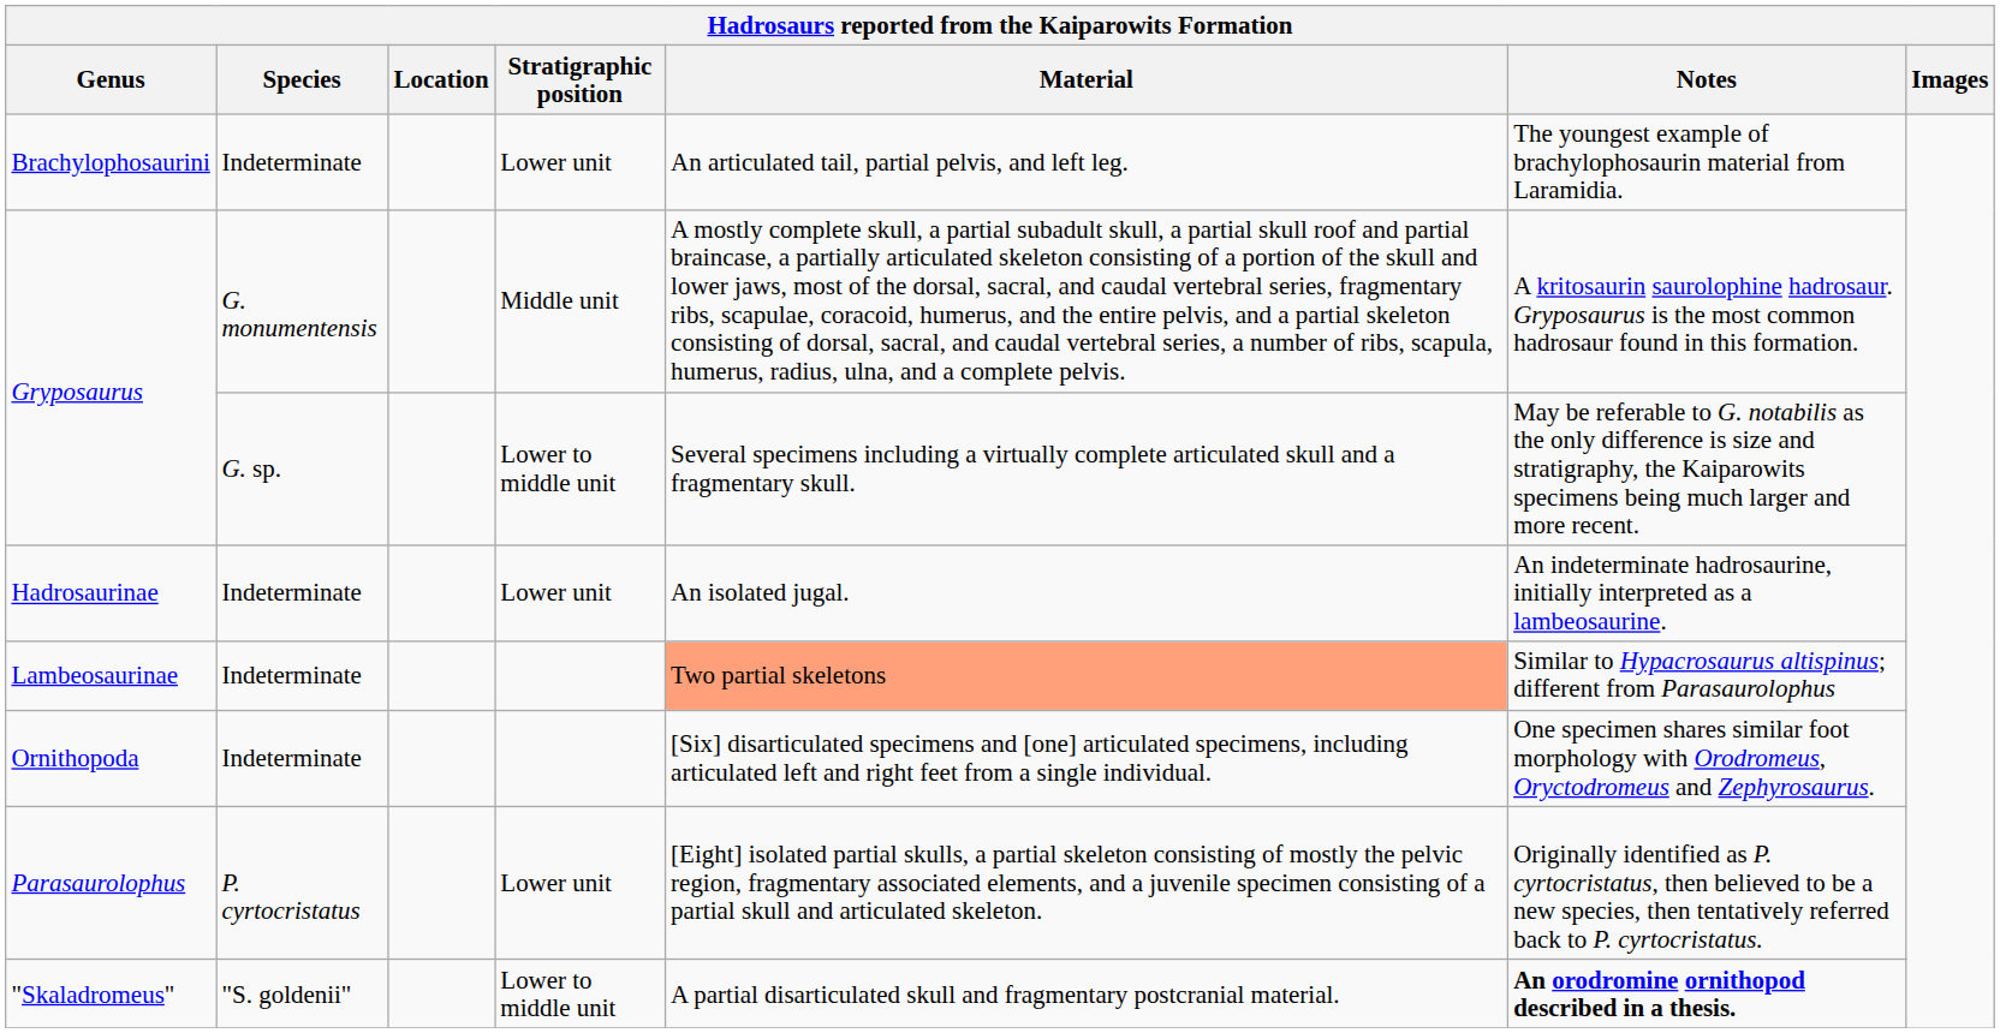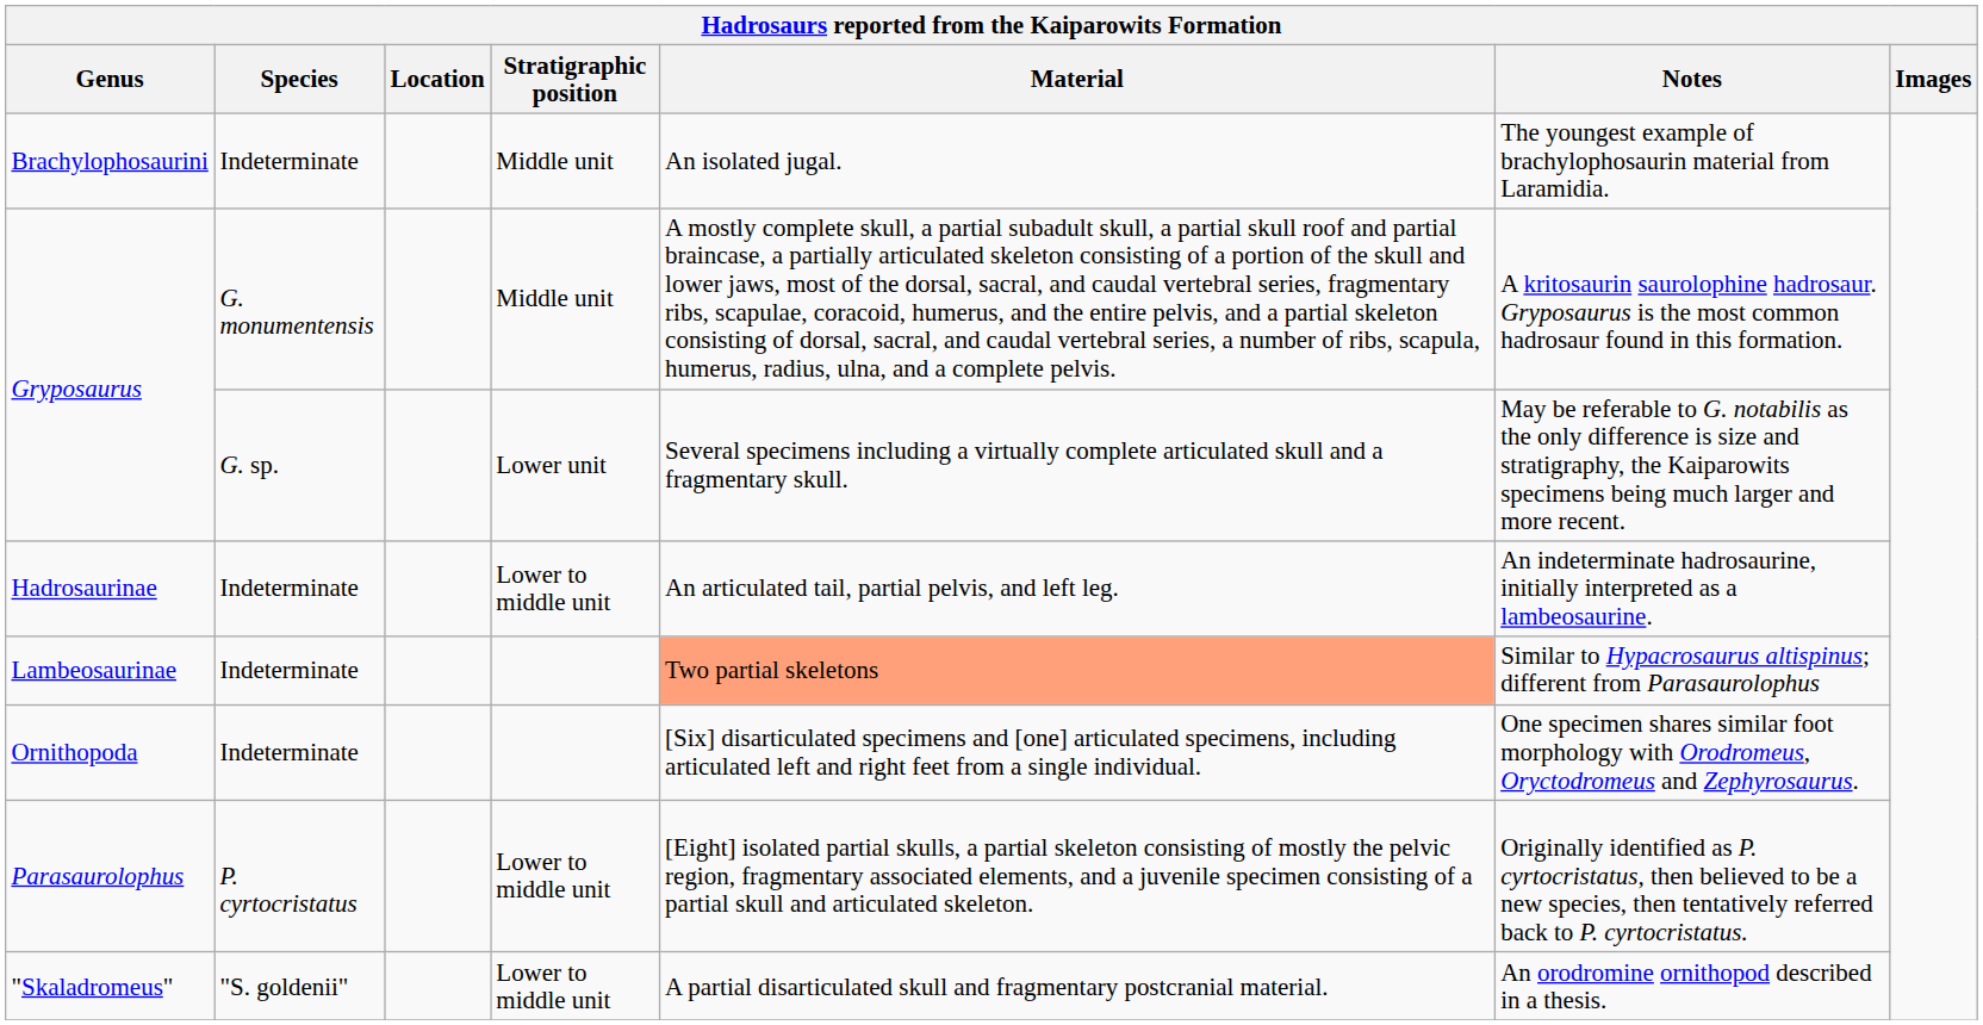 <table class="wikitable" align="center" width="100%">
 <tr>
 <th colspan="7" align="center"><strong><a href='#'>Hadrosaurs</a> reported from the Kaiparowits Formation</strong></th>
 </tr>
 <tr>
 <th>Genus</th>
 <th>Species</th>
 <th>Location</th>
 <th>Stratigraphic position</th>
 <th>Material</th>
 <th>Notes</th>
 <th>Images</th>
 </tr>
 <tr>
 <td><a href='#'>Brachylophosaurini</a></td>
 <td>Indeterminate</td>
 <td></td>
-<td>Lower unit</td>
-<td>An articulated tail, partial pelvis, and left leg.</td>
+<td>Middle unit</td>
+<td>An isolated jugal.</td>
 <td>The youngest example of brachylophosaurin material from Laramidia.</td>
 <td rowspan = 100><br> </td>
 </tr>
 <tr>
 <td rowspan="2"><br><em><a href='#'>Gryposaurus</a></em></td>
 <td><br><em>G. monumentensis</em></td>
 <td></td>
 <td>Middle unit</td>
 <td>A mostly complete skull, a partial subadult skull, a partial skull roof and partial braincase, a partially articulated skeleton consisting of a portion of the skull and lower jaws, most of the dorsal, sacral, and caudal vertebral series, fragmentary ribs, scapulae, coracoid, humerus, and the entire pelvis, and a partial skeleton consisting of dorsal, sacral, and caudal vertebral series, a number of ribs, scapula, humerus, radius, ulna, and a complete pelvis.</td>
 <td><br>A <a href='#'>kritosaurin</a> <a href='#'>saurolophine</a> <a href='#'>hadrosaur</a>. <em>Gryposaurus</em> is the most common hadrosaur found in this formation.</td>
 </tr>
 <tr>
 <td><em>G.</em> sp.</td>
 <td></td>
-<td>Lower to middle unit</td>
+<td>Lower unit</td>
 <td>Several specimens including a virtually complete articulated skull and a fragmentary skull.</td>
 <td>May be referable to <em>G. notabilis</em> as the only difference is size and stratigraphy, the Kaiparowits specimens being much larger and more recent.</td>
 </tr>
 <tr>
 <td><a href='#'>Hadrosaurinae</a></td>
 <td>Indeterminate</td>
 <td></td>
-<td>Lower unit</td>
-<td>An isolated jugal.</td>
+<td>Lower to middle unit</td>
+<td>An articulated tail, partial pelvis, and left leg.</td>
 <td>An indeterminate hadrosaurine, initially interpreted as a <a href='#'>lambeosaurine</a>.</td>
 </tr>
 <tr>
 <td><a href='#'>Lambeosaurinae</a></td>
 <td>Indeterminate</td>
 <td></td>
 <td></td>
 <td style="background: lightsalmon;">Two partial skeletons</td>
 <td>Similar to <em><a href='#'>Hypacrosaurus altispinus</a></em>; different from <em>Parasaurolophus</em></td>
 </tr>
 <tr>
 <td><a href='#'>Ornithopoda</a></td>
 <td>Indeterminate</td>
 <td></td>
 <td></td>
 <td>[Six] disarticulated specimens and [one] articulated specimens, including articulated left and right feet from a single individual.</td>
 <td>One specimen shares similar foot morphology with <em><a href='#'>Orodromeus</a></em>, <em><a href='#'>Oryctodromeus</a></em> and <em><a href='#'>Zephyrosaurus</a></em>.</td>
 </tr>
 <tr>
 <td><em><a href='#'>Parasaurolophus</a></em></td>
 <td><br><em>P. cyrtocristatus</em></td>
 <td></td>
-<td>Lower unit</td>
+<td>Lower to middle unit</td>
 <td>[Eight] isolated partial skulls, a partial skeleton consisting of mostly the pelvic region, fragmentary associated elements, and a juvenile specimen consisting of a partial skull and articulated skeleton.</td>
 <td><br>Originally identified as <em>P. cyrtocristatus,</em> then believed to be a new species, then tentatively referred back to <em>P. cyrtocristatus.</em></td>
 </tr>
 <tr>
 <td>"<a href='#'>Skaladromeus</a>"</td>
 <td>"S. goldenii"</td>
 <td></td>
 <td>Lower to middle unit</td>
 <td>A partial disarticulated skull and fragmentary postcranial material.</td>
-<td><strong>An <a href='#'>orodromine</a> <a href='#'>ornithopod</a> described in a thesis.</strong></td>
+<td>An <a href='#'>orodromine</a> <a href='#'>ornithopod</a> described in a thesis.</td>
 </tr>
 <tr>
 </tr>
 </table>
